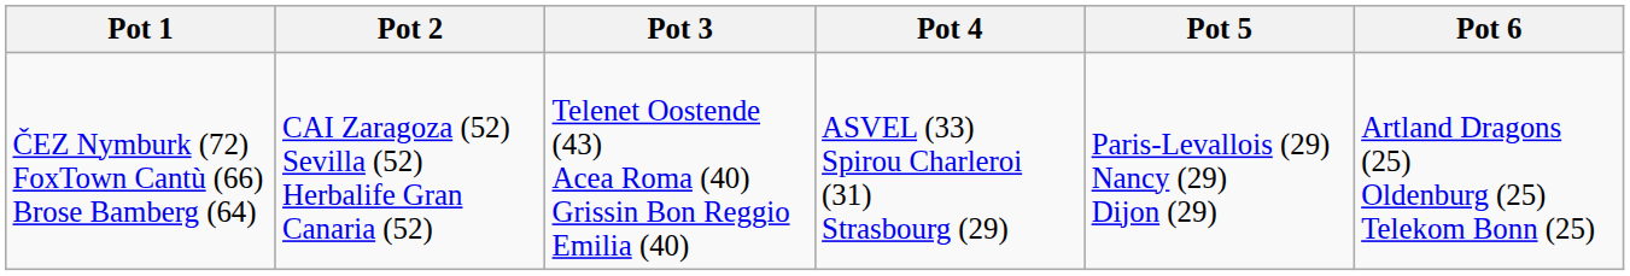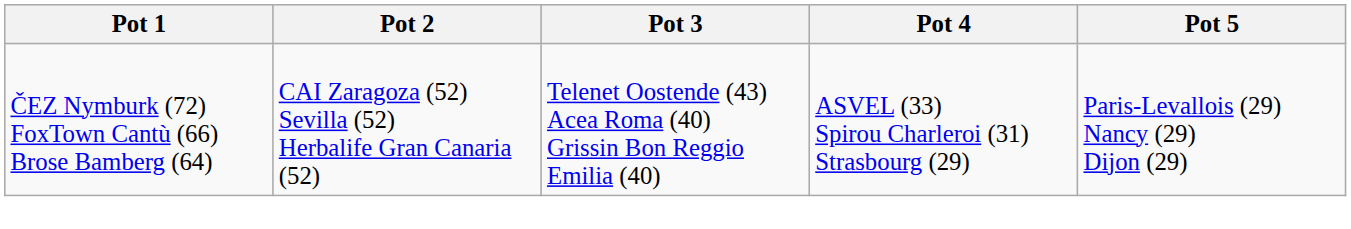 <table class="wikitable" style="width:98%;">
 <tr>
 <th width=16%><strong>Pot 1</strong></th>
 <th width=16%><strong>Pot 2</strong></th>
 <th width=16%><strong>Pot 3</strong></th>
 <th width=16%><strong>Pot 4</strong></th>
 <th width=16%><strong>Pot 5</strong></th>
-<th width=16%><strong>Pot 6</strong></th>
 </tr>
 <tr>
 <td><br> <a href='#'>ČEZ Nymburk</a> (72)<br>  <a href='#'>FoxTown Cantù</a> (66)<br>  <a href='#'>Brose Bamberg</a> (64)<br></td>
 <td><br> <a href='#'>CAI Zaragoza</a> (52)<br>  <a href='#'>Sevilla</a> (52)<br>  <a href='#'>Herbalife Gran Canaria</a> (52)<br></td>
 <td><br> <a href='#'>Telenet Oostende</a> (43)<br>  <a href='#'>Acea Roma</a> (40)<br>  <a href='#'>Grissin Bon Reggio Emilia</a> (40)<br></td>
 <td><br> <a href='#'>ASVEL</a> (33)<br>  <a href='#'>Spirou Charleroi</a> (31)<br>  <a href='#'>Strasbourg</a> (29)<br></td>
 <td><br> <a href='#'>Paris-Levallois</a> (29)<br>  <a href='#'>Nancy</a> (29)<br>  <a href='#'>Dijon</a> (29)<br></td>
-<td><br> <a href='#'>Artland Dragons</a> (25)<br>  <a href='#'>Oldenburg</a> (25)<br>  <a href='#'>Telekom Bonn</a> (25)</td>
 </tr>
 </table>
